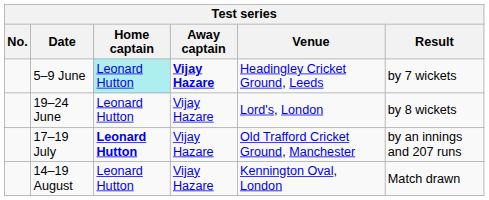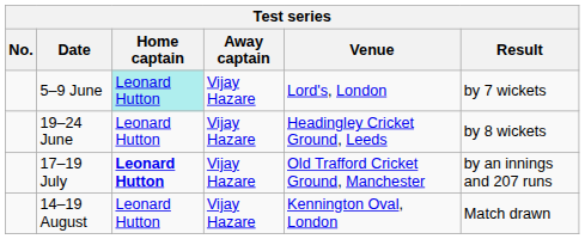 <table class="wikitable">
 <tr>
 <th colspan="9">Test series</th>
 </tr>
 <tr>
 <th>No.</th>
 <th>Date</th>
 <th>Home captain</th>
 <th>Away captain</th>
 <th>Venue</th>
 <th>Result</th>
 </tr>
 <tr>
 <td></td>
 <td>5–9 June</td>
 <td style="background: paleturquoise;"><a href='#'>Leonard Hutton</a></td>
-<td><strong><a href='#'>Vijay Hazare</a></strong></td>
-<td><a href='#'>Headingley Cricket Ground</a>, <a href='#'>Leeds</a></td>
+<td><a href='#'>Vijay Hazare</a></td>
+<td><a href='#'>Lord's</a>, <a href='#'>London</a></td>
 <td> by 7 wickets</td>
 </tr>
 <tr>
 <td></td>
 <td>19–24 June</td>
 <td><a href='#'>Leonard Hutton</a></td>
 <td><a href='#'>Vijay Hazare</a></td>
-<td><a href='#'>Lord's</a>, <a href='#'>London</a></td>
+<td><a href='#'>Headingley Cricket Ground</a>, <a href='#'>Leeds</a></td>
 <td> by 8 wickets</td>
 </tr>
 <tr>
 <td></td>
 <td>17–19 July</td>
 <td><strong><a href='#'>Leonard Hutton</a></strong></td>
 <td><a href='#'>Vijay Hazare</a></td>
 <td><a href='#'>Old Trafford Cricket Ground</a>, <a href='#'>Manchester</a></td>
 <td> by an innings and 207 runs</td>
 </tr>
 <tr>
 <td></td>
 <td>14–19 August</td>
 <td><a href='#'>Leonard Hutton</a></td>
 <td><a href='#'>Vijay Hazare</a></td>
 <td><a href='#'>Kennington Oval</a>, <a href='#'>London</a></td>
 <td>Match drawn</td>
 </tr>
 </table>
